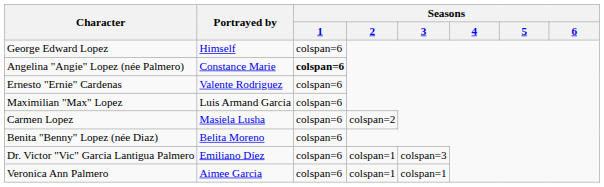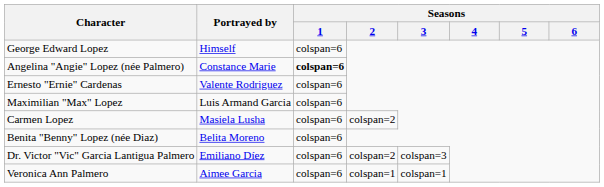 <table class="wikitable plainrowheaders">
 <tr>
 <th scope=col rowspan=2>Character</th>
 <th scope=col rowspan=2>Portrayed by</th>
 <th scope=col colspan=6>Seasons</th>
 </tr>
 <tr>
 <th scope=col style="min-width:4em;"><a href='#'>1</a></th>
 <th scope=col style="min-width:4em;"><a href='#'>2</a></th>
 <th scope=col style="min-width:4em;"><a href='#'>3</a></th>
 <th scope=col style="min-width:4em;"><a href='#'>4</a></th>
 <th scope=col style="min-width:4em;"><a href='#'>5</a></th>
 <th scope=col style="min-width:4em;"><a href='#'>6</a></th>
 </tr>
 <tr>
 <td scope=row>George Edward Lopez</td>
 <td><a href='#'>Himself</a></td>
 <td>colspan=6 </td>
 </tr>
 <tr>
 <td scope=row>Angelina "Angie" Lopez (née Palmero)</td>
 <td><a href='#'>Constance Marie</a></td>
 <td><strong>colspan=6 </strong></td>
 </tr>
 <tr>
 <td scope=row>Ernesto "Ernie" Cardenas</td>
 <td><a href='#'>Valente Rodriguez</a></td>
 <td>colspan=6 </td>
 </tr>
 <tr>
 <td scope=row>Maximilian "Max" Lopez</td>
 <td>Luis Armand Garcia</td>
 <td>colspan=6 </td>
 </tr>
 <tr>
 <td scope=row>Carmen Lopez</td>
 <td><a href='#'>Masiela Lusha</a></td>
 <td>colspan=6 </td>
 <td>colspan=2 </td>
 </tr>
 <tr>
 <td scope=row>Benita "Benny" Lopez (née Diaz)</td>
 <td><a href='#'>Belita Moreno</a></td>
 <td>colspan=6 </td>
 </tr>
 <tr>
 <td scope=row>Dr. Victor "Vic" Garcia Lantigua Palmero</td>
 <td><a href='#'>Emiliano Díez</a></td>
 <td>colspan=6 </td>
-<td>colspan=1 </td>
+<td>colspan=2 </td>
 <td>colspan=3 </td>
 </tr>
 <tr>
 <td scope=row>Veronica Ann Palmero</td>
 <td><a href='#'>Aimee Garcia</a></td>
 <td>colspan=6 </td>
 <td>colspan=1 </td>
 <td>colspan=1 </td>
 </tr>
 </table>
